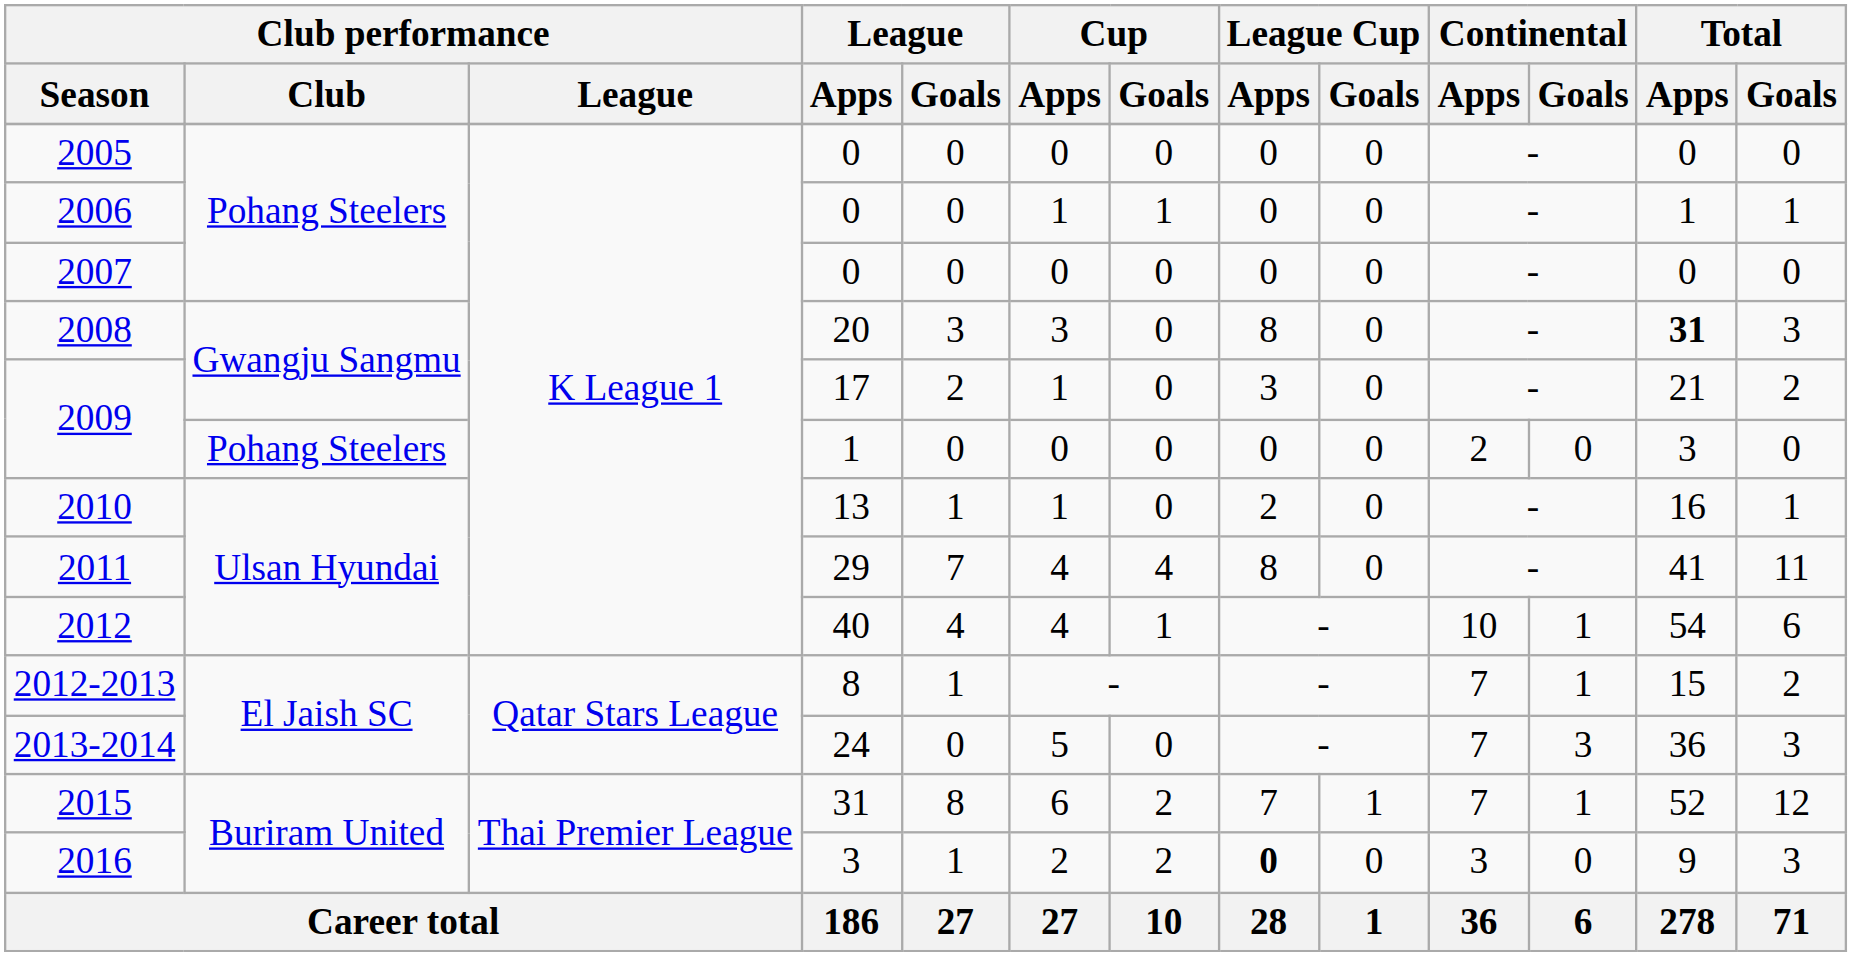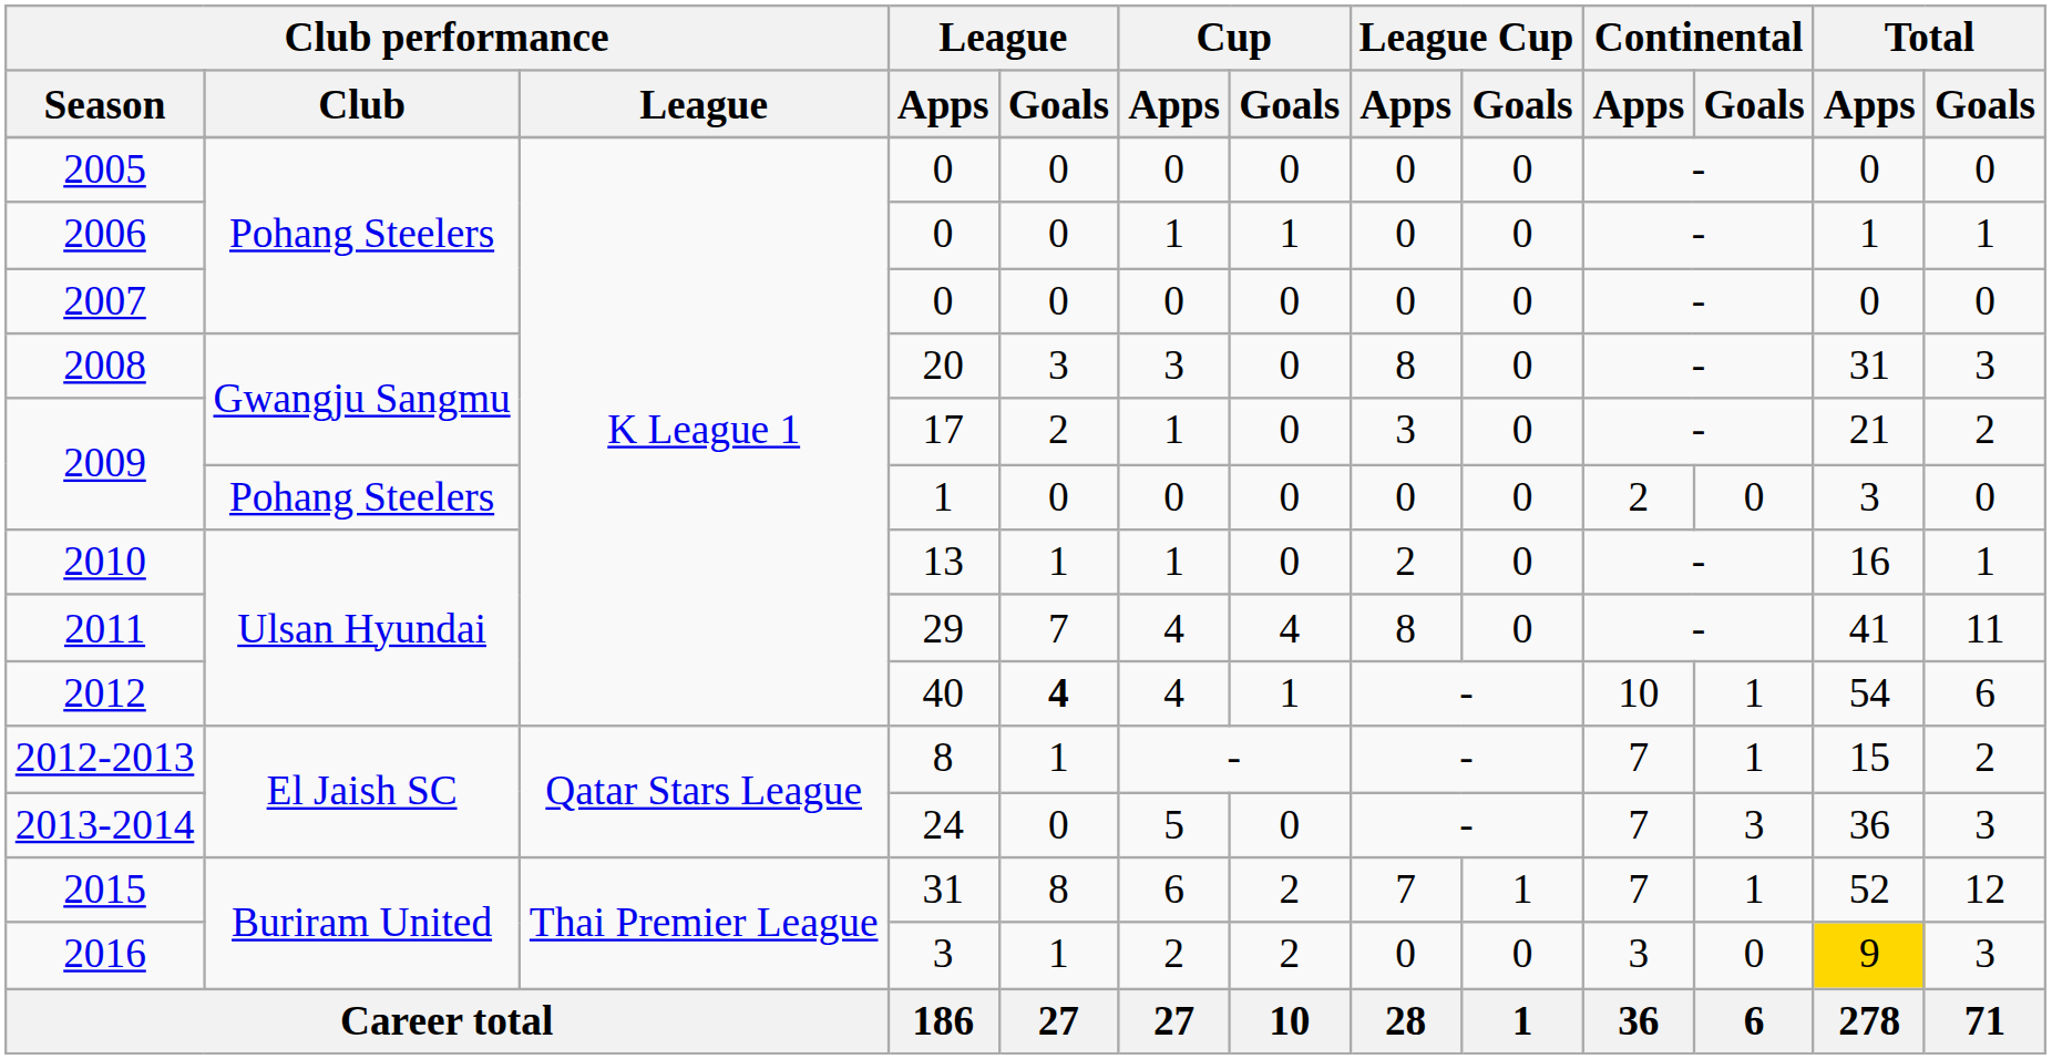 <table class="wikitable" style="text-align:center">
 <tr>
 <th colspan=3>Club performance</th>
 <th colspan=2>League</th>
 <th colspan=2>Cup</th>
 <th colspan=2>League Cup</th>
 <th colspan=2>Continental</th>
 <th colspan=2>Total</th>
 </tr>
 <tr>
 <th>Season</th>
 <th>Club</th>
 <th>League</th>
 <th>Apps</th>
 <th>Goals</th>
 <th>Apps</th>
 <th>Goals</th>
 <th>Apps</th>
 <th>Goals</th>
 <th>Apps</th>
 <th>Goals</th>
 <th>Apps</th>
 <th>Goals</th>
 </tr>
 <tr>
 </tr>
 <tr>
 <td><a href='#'>2005</a></td>
 <td rowspan="3"><a href='#'>Pohang Steelers</a></td>
 <td rowspan="9"><a href='#'>K League 1</a></td>
 <td>0</td>
 <td>0</td>
 <td>0</td>
 <td>0</td>
 <td>0</td>
 <td>0</td>
 <td colspan="2">-</td>
 <td>0</td>
 <td>0</td>
 </tr>
 <tr>
 <td><a href='#'>2006</a></td>
 <td>0</td>
 <td>0</td>
 <td>1</td>
 <td>1</td>
 <td>0</td>
 <td>0</td>
 <td colspan="2">-</td>
 <td>1</td>
 <td>1</td>
 </tr>
 <tr>
 <td><a href='#'>2007</a></td>
 <td>0</td>
 <td>0</td>
 <td>0</td>
 <td>0</td>
 <td>0</td>
 <td>0</td>
 <td colspan="2">-</td>
 <td>0</td>
 <td>0</td>
 </tr>
 <tr>
 <td><a href='#'>2008</a></td>
 <td rowspan="2"><a href='#'>Gwangju Sangmu</a></td>
 <td>20</td>
 <td>3</td>
 <td>3</td>
 <td>0</td>
 <td>8</td>
 <td>0</td>
 <td colspan="2">-</td>
-<td><strong>31</strong></td>
+<td>31</td>
 <td>3</td>
 </tr>
 <tr>
 <td rowspan="2"><a href='#'>2009</a></td>
 <td>17</td>
 <td>2</td>
 <td>1</td>
 <td>0</td>
 <td>3</td>
 <td>0</td>
 <td colspan="2">-</td>
 <td>21</td>
 <td>2</td>
 </tr>
 <tr>
 <td rowspan="1"><a href='#'>Pohang Steelers</a></td>
 <td>1</td>
 <td>0</td>
 <td>0</td>
 <td>0</td>
 <td>0</td>
 <td>0</td>
 <td>2</td>
 <td>0</td>
 <td>3</td>
 <td>0</td>
 </tr>
 <tr>
 <td><a href='#'>2010</a></td>
 <td rowspan="3"><a href='#'>Ulsan Hyundai</a></td>
 <td>13</td>
 <td>1</td>
 <td>1</td>
 <td>0</td>
 <td>2</td>
 <td>0</td>
 <td colspan="2">-</td>
 <td>16</td>
 <td>1</td>
 </tr>
 <tr>
 <td><a href='#'>2011</a></td>
 <td>29</td>
 <td>7</td>
 <td>4</td>
 <td>4</td>
 <td>8</td>
 <td>0</td>
 <td colspan="2">-</td>
 <td>41</td>
 <td>11</td>
 </tr>
 <tr>
 <td><a href='#'>2012</a></td>
 <td>40</td>
-<td>4</td>
+<td><strong>4</strong></td>
 <td>4</td>
 <td>1</td>
 <td colspan="2">-</td>
 <td>10</td>
 <td>1</td>
 <td>54</td>
 <td>6</td>
 </tr>
 <tr>
 <td><a href='#'>2012-2013</a></td>
 <td rowspan="2"><a href='#'>El Jaish SC</a></td>
 <td rowspan="2"><a href='#'>Qatar Stars League</a></td>
 <td>8</td>
 <td>1</td>
 <td colspan="2">-</td>
 <td colspan="2">-</td>
 <td>7</td>
 <td>1</td>
 <td>15</td>
 <td>2</td>
 </tr>
 <tr>
 <td rowspan="1"><a href='#'>2013-2014</a></td>
 <td>24</td>
 <td>0</td>
 <td>5</td>
 <td>0</td>
 <td colspan="2">-</td>
 <td>7</td>
 <td>3</td>
 <td>36</td>
 <td>3</td>
 </tr>
 <tr>
 <td><a href='#'>2015</a></td>
 <td rowspan="2"><a href='#'>Buriram United</a></td>
 <td rowspan="2"><a href='#'>Thai Premier League</a></td>
 <td>31</td>
 <td>8</td>
 <td>6</td>
 <td>2</td>
 <td>7</td>
 <td>1</td>
 <td>7</td>
 <td>1</td>
 <td>52</td>
 <td>12</td>
 </tr>
 <tr>
 <td><a href='#'>2016</a></td>
 <td>3</td>
 <td>1</td>
 <td>2</td>
 <td>2</td>
-<td><strong>0</strong></td>
+<td>0</td>
 <td>0</td>
 <td>3</td>
 <td>0</td>
-<td>9</td>
+<td style="background: gold;">9</td>
 <td>3</td>
 </tr>
 <tr>
 <th colspan=3>Career total</th>
 <th>186</th>
 <th>27</th>
 <th>27</th>
 <th>10</th>
 <th>28</th>
 <th>1</th>
 <th>36</th>
 <th>6</th>
 <th>278</th>
 <th>71</th>
 </tr>
 </table>
